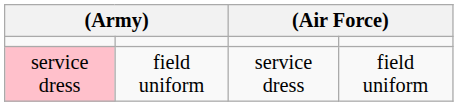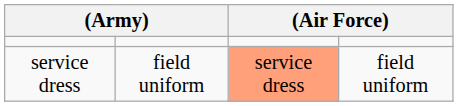 <table align=center class=wikitable width=40%>
 <tr>
 <th colspan="2"> (Army)</th>
 <th colspan="2"> (Air Force)</th>
 </tr>
 <tr align=center>
 <td></td>
 <td></td>
 <td></td>
 <td></td>
 </tr>
 <tr align=center>
-<td style="background: pink;">service dress</td>
+<td>service dress</td>
 <td>field uniform</td>
-<td>service dress</td>
+<td style="background: lightsalmon;">service dress</td>
 <td>field uniform</td>
 </tr>
 </table>
